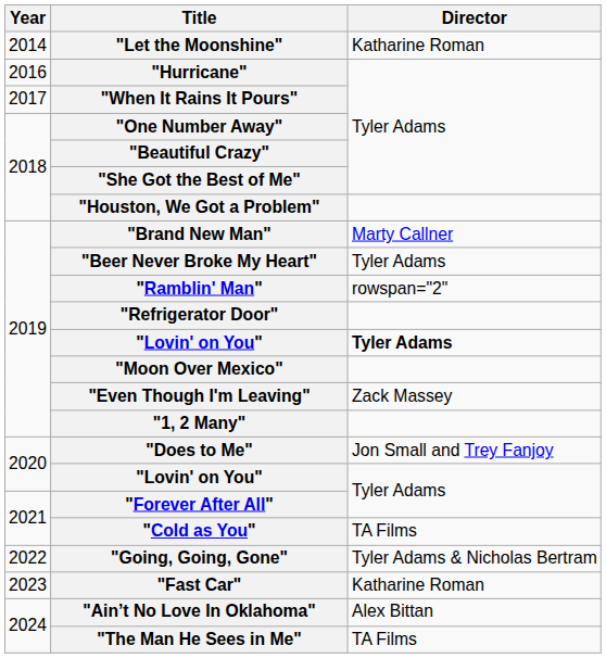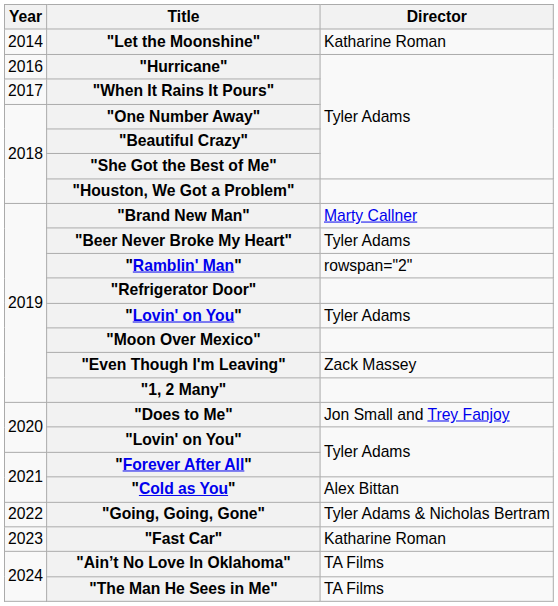 <table class="wikitable plainrowheaders">
 <tr>
 <th>Year</th>
 <th style="width:17em;">Title</th>
 <th>Director</th>
 </tr>
 <tr>
 <td>2014</td>
 <th scope="row">"Let the Moonshine"</th>
 <td>Katharine Roman</td>
 </tr>
 <tr>
 <td>2016</td>
 <th scope="row">"Hurricane"</th>
 <td rowspan="5">Tyler Adams</td>
 </tr>
 <tr>
 <td>2017</td>
 <th scope="row">"When It Rains It Pours"</th>
 </tr>
 <tr>
 <td rowspan="4">2018</td>
 <th scope="row">"One Number Away"</th>
 </tr>
 <tr>
 <th scope="row">"Beautiful Crazy"</th>
 </tr>
 <tr>
 <th scope="row">"She Got the Best of Me"</th>
 </tr>
 <tr>
 <th scope="row">"Houston, We Got a Problem"</th>
 <td></td>
 </tr>
 <tr>
 <td rowspan="8”">2019</td>
 <th scope="row">"Brand New Man" </th>
 <td><a href='#'>Marty Callner</a></td>
 </tr>
 <tr>
 <th scope="row">"Beer Never Broke My Heart"</th>
 <td>Tyler Adams</td>
 </tr>
 <tr>
 <th scope="row">"<a href='#'>Ramblin' Man</a>"</th>
 <td>rowspan="2" </td>
 </tr>
 <tr>
 <th scope="row">"Refrigerator Door"</th>
 </tr>
 <tr>
 <th scope="row">"<a href='#'>Lovin' on You</a>"</th>
-<td><strong>Tyler Adams</strong></td>
+<td>Tyler Adams</td>
 </tr>
 <tr>
 <th scope="row">"Moon Over Mexico"</th>
 <td></td>
 </tr>
 <tr>
 <th scope="row">"Even Though I'm Leaving"</th>
 <td>Zack Massey</td>
 </tr>
 <tr>
 <th scope="row">"1, 2 Many" </th>
 <td></td>
 </tr>
 <tr>
 <td rowspan="2">2020</td>
 <th scope="row">"Does to Me" </th>
 <td>Jon Small and <a href='#'>Trey Fanjoy</a></td>
 </tr>
 <tr>
 <th scope="row">"Lovin' on You"</th>
 <td rowspan="2">Tyler Adams</td>
 </tr>
 <tr>
 <td rowspan="2">2021</td>
 <th scope="row">"<a href='#'>Forever After All</a>"</th>
 </tr>
 <tr>
 <th scope="row">"<a href='#'>Cold as You</a>"</th>
-<td>TA Films</td>
+<td>Alex Bittan</td>
 </tr>
 <tr>
 <td>2022</td>
 <th scope="row">"Going, Going, Gone"</th>
 <td>Tyler Adams & Nicholas Bertram</td>
 </tr>
 <tr>
 <td>2023</td>
 <th scope="row">"Fast Car"</th>
 <td>Katharine Roman</td>
 </tr>
 <tr>
 <td rowspan="2">2024</td>
 <th scope="row">"Ain’t No Love In Oklahoma"</th>
-<td>Alex Bittan</td>
+<td>TA Films</td>
 </tr>
 <tr>
 <th scope="row">"The Man He Sees in Me"</th>
 <td>TA Films</td>
 </tr>
 </table>
